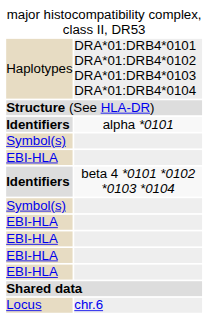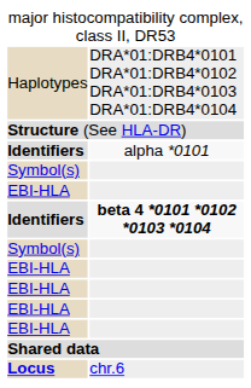 <table id="drugInfoBox" style="float: right; clear: right; margin: 0 0 0.5em 1em; background: #ffffff;" class="toccolours" border=0 cellpadding=0 align=right width="240px">
 <tr>
 <td align="center" colspan="3"></td>
 </tr>
 <tr>
 <td align="center" colspan="2"><div>major histocompatibility complex, class II, DR53</div></td>
 </tr>
 <tr>
 <td bgcolor="#e7dcc3">Haplotypes</td>
 <td bgcolor="#eeeeee">DRA*01:DRB4*0101 DRA*01:DRB4*0102 DRA*01:DRB4*0103 DRA*01:DRB4*0104</td>
 </tr>
 <tr>
 <td colspan="2" bgcolor="#dddddd"><strong>Structure</strong> (See <a href='#'>HLA-DR</a>)</td>
 </tr>
 <tr style="background:#f8f8f8">
 <td bgcolor="#dddddd"><strong>Identifiers</strong></td>
 <td align="center"><div>alpha <em>*0101</em></div></td>
 </tr>
 <tr>
 <td bgcolor="#e7dcc3"><a href='#'>Symbol(s)</a></td>
 <td bgcolor="#eeeeee"></td>
 </tr>
 <tr>
 <td bgcolor="#e7dcc3"><a href='#'>EBI-HLA</a></td>
 <td bgcolor="#eeeeee"></td>
 </tr>
 <tr style="background:#f8f8f8">
 <td bgcolor="#dddddd"><strong>Identifiers</strong></td>
-<td align="center"><div>beta 4 <em>*0101</em> <em>*0102</em> <em>*0103</em> <em>*0104</em></div></td>
+<td align="center"><strong><div>beta 4 <em>*0101</em> <em>*0102</em> <em>*0103</em> <em>*0104</em></div></strong></td>
 </tr>
 <tr>
 <td bgcolor="#e7dcc3"><a href='#'>Symbol(s)</a></td>
 <td bgcolor="#eeeeee"></td>
 </tr>
 <tr>
 <td bgcolor="#e7dcc3"><a href='#'>EBI-HLA</a></td>
 <td bgcolor="#eeeeee"></td>
 </tr>
 <tr>
 <td bgcolor="#e7dcc3"><a href='#'>EBI-HLA</a></td>
 <td bgcolor="#eeeeee"></td>
 </tr>
 <tr>
 <td bgcolor="#e7dcc3"><a href='#'>EBI-HLA</a></td>
 <td bgcolor="#eeeeee"></td>
 </tr>
 <tr>
 <td bgcolor="#e7dcc3"><a href='#'>EBI-HLA</a></td>
 <td bgcolor="#eeeeee"></td>
 </tr>
 <tr>
 <td colspan="2" bgcolor="#dddddd"><strong>Shared data</strong></td>
 </tr>
 <tr>
-<td bgcolor="#e7dcc3"><a href='#'>Locus</a></td>
+<td bgcolor="#e7dcc3"><strong><a href='#'>Locus</a></strong></td>
 <td bgcolor="#eeeeee"><a href='#'>chr.6</a> <em></em></td>
 </tr>
 <tr>
 </tr>
 </table>
